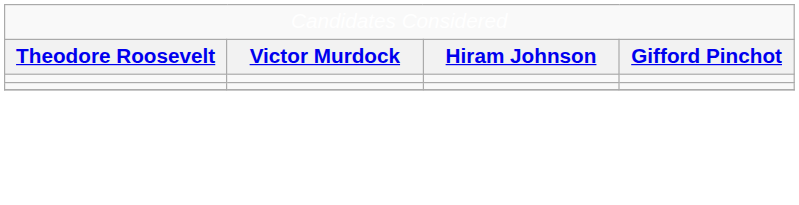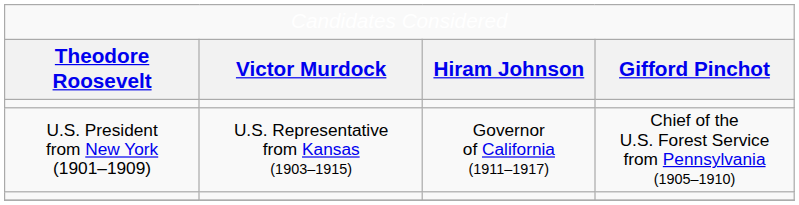 <table class="wikitable" style="font-size:90%">
 <tr>
 <td colspan="4" style="text-align:center; width:650px; font-size:120%; color:white; background:"><em>Candidates Considered</em></td>
 </tr>
 <tr>
 <th scope="col" style="width:3em; font-size:120%;"><a href='#'>Theodore Roosevelt</a></th>
 <th scope="col" style="width:3em; font-size:120%;"><a href='#'>Victor Murdock</a></th>
 <th scope="col" style="width:3em; font-size:120%;"><a href='#'>Hiram Johnson</a></th>
 <th scope="col" style="width:3em; font-size:120%;"><a href='#'>Gifford Pinchot</a></th>
 </tr>
 <tr>
 <td></td>
 <td></td>
 <td></td>
 <td></td>
 </tr>
 <tr style="text-align:center">
+<td>U.S. President<br>from <a href='#'>New York</a><br>(1901–1909)</td>
+<td>U.S. Representative<br>from <a href='#'>Kansas</a><br><small>(1903–1915)</small></td>
+<td>Governor<br>of <a href='#'>California</a><br><small>(1911–1917)</small></td>
+<td>Chief of the<br>U.S. Forest Service<br>from <a href='#'>Pennsylvania</a><br><small>(1905–1910)</small></td>
+</tr>
+<tr style="text-align:center">
 <td><em></em></td>
 <td><em></em></td>
 <td><em></em></td>
 <td><em></em></td>
 </tr>
 <tr>
 </tr>
 </table>
